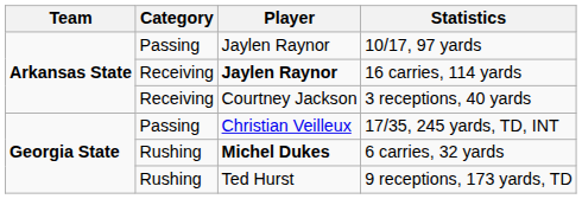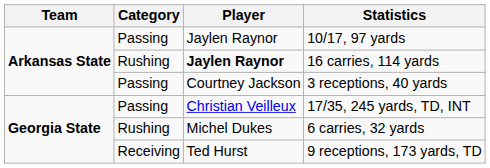 <table class="wikitable" style="float: right;">
 <tr>
 <th>Team</th>
 <th>Category</th>
 <th>Player</th>
 <th>Statistics</th>
 </tr>
 <tr>
 <td rowspan=3><strong>Arkansas State</strong></td>
 <td>Passing</td>
 <td>Jaylen Raynor</td>
 <td>10/17, 97 yards</td>
 </tr>
 <tr>
-<td>Receiving</td>
+<td>Rushing</td>
 <td><strong>Jaylen Raynor</strong></td>
 <td>16 carries, 114 yards</td>
 </tr>
 <tr>
-<td>Receiving</td>
+<td>Passing</td>
 <td>Courtney Jackson</td>
 <td>3 receptions, 40 yards</td>
 </tr>
 <tr>
 <td rowspan=3><strong>Georgia State</strong></td>
 <td>Passing</td>
 <td><a href='#'>Christian Veilleux</a></td>
 <td>17/35, 245 yards, TD, INT</td>
 </tr>
 <tr>
 <td>Rushing</td>
-<td><strong>Michel Dukes</strong></td>
+<td>Michel Dukes</td>
 <td>6 carries, 32 yards</td>
 </tr>
 <tr>
-<td>Rushing</td>
+<td>Receiving</td>
 <td>Ted Hurst</td>
 <td>9 receptions, 173 yards, TD</td>
 </tr>
 </table>
